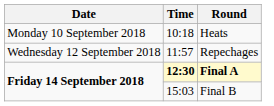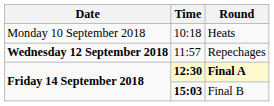 <table class="wikitable">
 <tr>
 <th>Date</th>
 <th>Time</th>
 <th>Round</th>
 </tr>
 <tr>
 <td>Monday 10 September 2018</td>
 <td>10:18</td>
 <td>Heats</td>
 </tr>
 <tr>
-<td>Wednesday 12 September 2018</td>
+<td><strong>Wednesday 12 September 2018</strong></td>
 <td>11:57</td>
 <td>Repechages</td>
 </tr>
 <tr>
 <td rowspan=2><strong>Friday 14 September 2018</strong></td>
 <td style=background:lemonchiffon><strong>12:30</strong></td>
 <td style=background:lemonchiffon><strong>Final A</strong></td>
 </tr>
 <tr>
-<td>15:03</td>
+<td><strong>15:03</strong></td>
 <td>Final B</td>
 </tr>
 </table>
